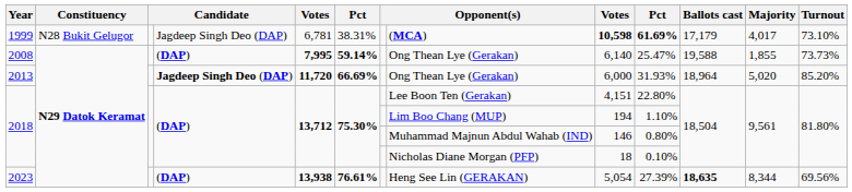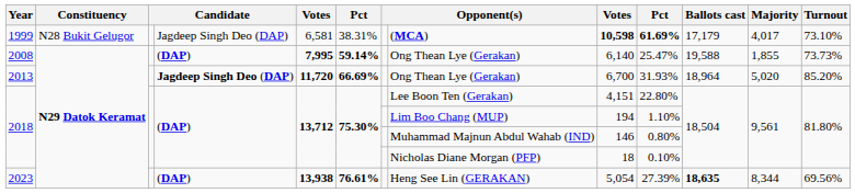 <table class="wikitable" style="margin:0.5em ; font-size:95%">
 <tr>
 <th>Year</th>
 <th>Constituency</th>
 <th colspan=2>Candidate</th>
 <th>Votes</th>
 <th>Pct</th>
 <th colspan=2>Opponent(s)</th>
 <th>Votes</th>
 <th>Pct</th>
 <th>Ballots cast</th>
 <th>Majority</th>
 <th>Turnout</th>
 </tr>
 <tr>
 <td><a href='#'>1999</a></td>
 <td>N28 <a href='#'>Bukit Gelugor</a></td>
 <td></td>
 <td>Jagdeep Singh Deo (<a href='#'>DAP</a>)</td>
-<td align="right">6,781</td>
+<td align="right">6,581</td>
 <td>38.31%</td>
 <td></td>
 <td> (<a href='#'><strong>MCA</strong></a>)</td>
 <td align="right"><strong>10,598</strong></td>
 <td><strong>61.69%</strong></td>
 <td>17,179</td>
 <td>4,017</td>
 <td>73.10%</td>
 </tr>
 <tr>
 <td><a href='#'>2008</a></td>
 <td rowspan=7><strong>N29 <a href='#'>Datok Keramat</a></strong></td>
 <td></td>
 <td> (<a href='#'><strong>DAP</strong></a>)</td>
 <td align="right"><strong>7,995</strong></td>
 <td><strong>59.14%</strong></td>
 <td></td>
 <td>Ong Thean Lye (<a href='#'>Gerakan</a>)</td>
 <td align="right">6,140</td>
 <td>25.47%</td>
 <td>19,588</td>
 <td>1,855</td>
 <td>73.73%</td>
 </tr>
 <tr>
 <td><a href='#'>2013</a></td>
 <td></td>
 <td><strong>Jagdeep Singh Deo</strong> (<a href='#'><strong>DAP</strong></a>)</td>
 <td align="right"><strong>11,720</strong></td>
 <td><strong>66.69%</strong></td>
 <td></td>
 <td>Ong Thean Lye (<a href='#'>Gerakan</a>)</td>
-<td align="right">6,000</td>
+<td align="right">6,700</td>
 <td>31.93%</td>
 <td>18,964</td>
 <td>5,020</td>
 <td>85.20%</td>
 </tr>
 <tr>
 <td rowspan="4"><a href='#'>2018</a></td>
 <td rowspan="4" ></td>
 <td rowspan="4"> (<strong><a href='#'>DAP</a></strong>)</td>
 <td rowspan="4" align="right"><strong>13,712</strong></td>
 <td rowspan="4"><strong>75.30%</strong></td>
 <td></td>
 <td>Lee Boon Ten (<a href='#'>Gerakan</a>)</td>
 <td align="right">4,151</td>
 <td>22.80%</td>
 <td rowspan="4">18,504</td>
 <td rowspan="4">9,561</td>
 <td rowspan="4">81.80%</td>
 </tr>
 <tr>
 <td bgcolor=></td>
 <td><a href='#'>Lim Boo Chang</a> (<a href='#'>MUP</a>)</td>
 <td align="right">194</td>
 <td align="right">1.10%</td>
 </tr>
 <tr>
 <td></td>
 <td>Muhammad Majnun Abdul Wahab (<a href='#'>IND</a>)</td>
 <td align="right">146</td>
 <td align="right">0.80%</td>
 </tr>
 <tr>
 <td bgcolor=></td>
 <td>Nicholas Diane Morgan (<a href='#'>PFP</a>)</td>
 <td align="right">18</td>
 <td align="right">0.10%</td>
 </tr>
 <tr>
 <td><a href='#'>2023</a></td>
 <td></td>
 <td> (<strong><a href='#'>DAP</a></strong>)</td>
 <td align=right><strong>13,938</strong></td>
 <td><strong>76.61%</strong></td>
 <td></td>
 <td>Heng See Lin (<a href='#'>GERAKAN</a>)</td>
 <td align=right>5,054</td>
 <td align=right>27.39%</td>
 <td><strong>18,635</strong></td>
 <td>8,344</td>
 <td>69.56%</td>
 </tr>
 </table>
